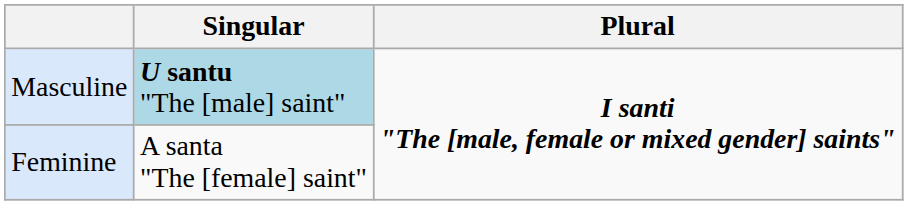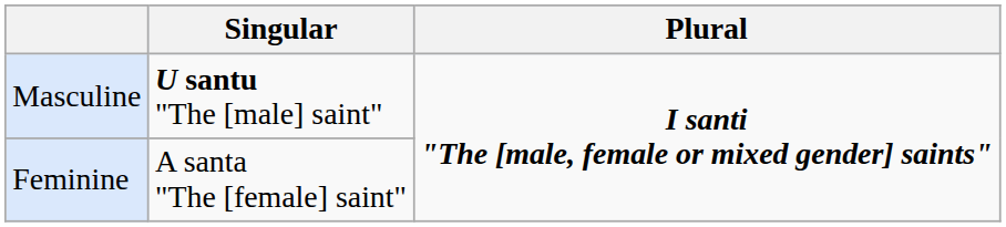 <table class="wikitable">
 <tr style="font-style:normal; font-weight:normal; background-color:#dae8fc;">
 <th></th>
 <th style="font-family:serif !important;">Singular</th>
 <th>Plural</th>
 </tr>
 <tr>
 <td style="background-color:#dae8fc; font-style:normal; font-weight:normal;">Masculine</td>
-<td style="background: lightblue;"><strong><em>U</em></strong> <strong>santu</strong><br>"The [male] saint" <br></td>
+<td><strong><em>U</em></strong> <strong>santu</strong><br>"The [male] saint" <br></td>
 <td rowspan="2" style="text-align: center;"><strong><em>I<em> santi<strong> <br>"The [male, female or mixed gender] saints"</td>
 </tr>
 <tr>
 <td style="background-color:#dae8fc; font-style:normal; font-weight:normal;">Feminine</td>
 <td></em></strong>A</em> santa</strong><br>"The [female] saint"</td>
 </tr>
 </table>
